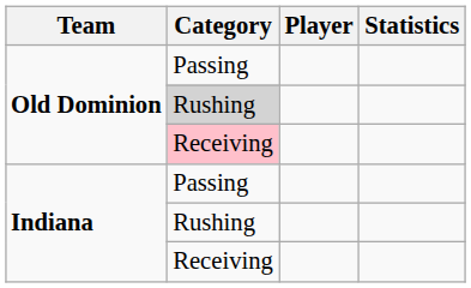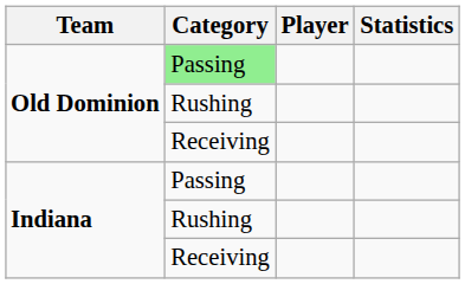 <table class="wikitable" style="float: right;">
 <tr>
 <th>Team</th>
 <th>Category</th>
 <th>Player</th>
 <th>Statistics</th>
 </tr>
 <tr>
 <td rowspan=3><strong>Old Dominion</strong></td>
-<td>Passing</td>
+<td style="background: lightgreen;">Passing</td>
 <td></td>
 <td></td>
 </tr>
 <tr>
-<td style="background: lightgrey;">Rushing</td>
+<td>Rushing</td>
 <td></td>
 <td></td>
 </tr>
 <tr>
-<td style="background: pink;">Receiving</td>
+<td>Receiving</td>
 <td></td>
 <td></td>
 </tr>
 <tr>
 <td rowspan=3><strong>Indiana</strong></td>
 <td>Passing</td>
 <td></td>
 <td></td>
 </tr>
 <tr>
 <td>Rushing</td>
 <td></td>
 <td></td>
 </tr>
 <tr>
 <td>Receiving</td>
 <td></td>
 <td></td>
 </tr>
 </table>
